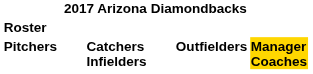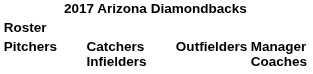 <table class="toccolours" style="font-size: 95%;">
 <tr>
 <th colspan="10">2017 Arizona Diamondbacks</th>
 </tr>
 <tr>
 <td colspan="10"><strong>Roster</strong></td>
 </tr>
 <tr>
 <td valign="top"><strong>Pitchers</strong><br>                     </td>
 <td width="25px"></td>
 <td valign="top"><strong>Catchers</strong><br>    <strong>Infielders</strong>            </td>
 <td width="25px"></td>
 <td valign="top"><strong>Outfielders</strong><br>      </td>
-<td valign="top" style="background: gold;"><strong>Manager</strong><br> <strong>Coaches</strong>                        </td>
+<td valign="top"><strong>Manager</strong><br> <strong>Coaches</strong>                        </td>
 </tr>
 <tr>
 </tr>
 </table>
